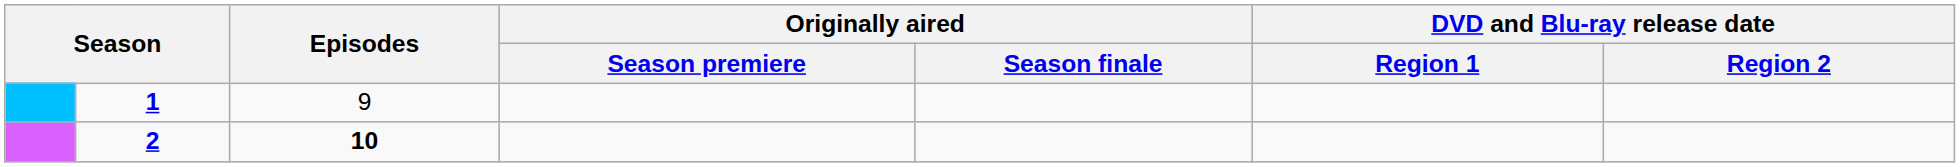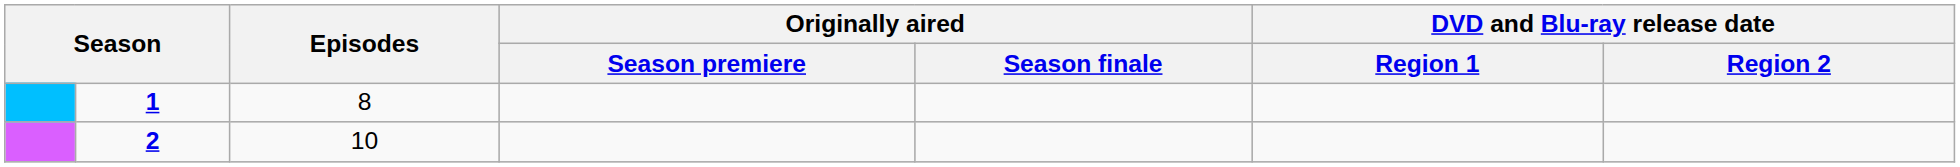 <table class="wikitable" style="text-align:center; width:80%;">
 <tr>
 <th style="padding: 0 8px;" colspan="2" rowspan="2">Season</th>
 <th style="padding: 0 8px;" rowspan="2">Episodes</th>
 <th colspan="2">Originally aired</th>
 <th colspan="2"><a href='#'>DVD</a> and <a href='#'>Blu-ray</a> release date</th>
 </tr>
 <tr>
 <th><a href='#'>Season premiere</a></th>
 <th><a href='#'>Season finale</a></th>
 <th><a href='#'>Region 1</a></th>
 <th><a href='#'>Region 2</a></th>
 </tr>
 <tr>
 <td style="background:#00BFFF;"></td>
 <td><strong><a href='#'>1</a></strong></td>
-<td style="padding: 0 8px;">9</td>
+<td style="padding: 0 8px;">8</td>
 <td style="padding: 0 8px;"></td>
 <td></td>
 <td></td>
 <td></td>
 </tr>
 <tr>
 <td style="background:#DA5FFF;"></td>
 <td><strong><a href='#'>2</a></strong></td>
-<td style="padding: 0 8px;"><strong>10</strong></td>
+<td style="padding: 0 8px;">10</td>
 <td style="padding: 0 8px;"></td>
 <td></td>
 <td></td>
 <td></td>
 </tr>
 </table>
